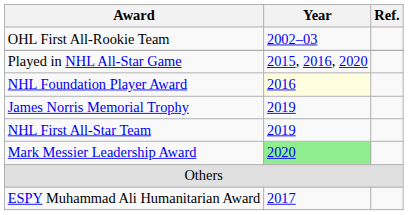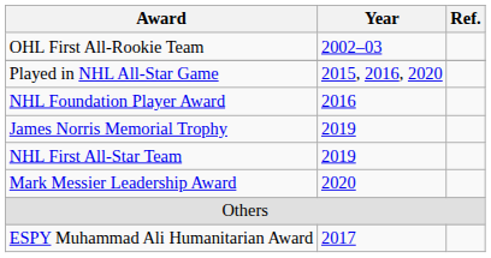 <table class="wikitable">
 <tr>
 <th scope="col">Award</th>
 <th scope="col">Year</th>
 <th scope="col">Ref.</th>
 </tr>
 <tr>
 <td>OHL First All-Rookie Team</td>
 <td><a href='#'>2002–03</a></td>
 <td></td>
 </tr>
 <tr>
 </tr>
 <tr>
 <td>Played in <a href='#'>NHL All-Star Game</a></td>
 <td><a href='#'>2015</a>, <a href='#'>2016</a>, <a href='#'>2020</a></td>
 <td></td>
 </tr>
 <tr>
 <td><a href='#'>NHL Foundation Player Award</a></td>
-<td style="background: lightyellow;"><a href='#'>2016</a></td>
+<td><a href='#'>2016</a></td>
 <td></td>
 </tr>
 <tr>
 <td><a href='#'>James Norris Memorial Trophy</a></td>
 <td><a href='#'>2019</a></td>
 <td></td>
 </tr>
 <tr>
 <td><a href='#'>NHL First All-Star Team</a></td>
 <td><a href='#'>2019</a></td>
 <td></td>
 </tr>
 <tr>
 <td><a href='#'>Mark Messier Leadership Award</a></td>
-<td style="background: lightgreen;"><a href='#'>2020</a></td>
+<td><a href='#'>2020</a></td>
 <td></td>
 </tr>
 <tr ALIGN="center" bgcolor="#e0e0e0">
 <td colspan="3">Others</td>
 </tr>
 <tr>
 <td><a href='#'>ESPY</a> Muhammad Ali Humanitarian Award</td>
 <td><a href='#'>2017</a></td>
 <td></td>
 </tr>
 </table>
